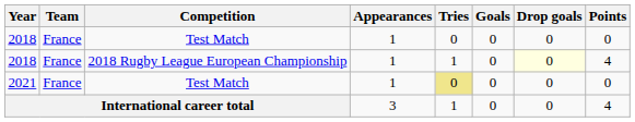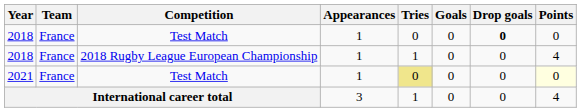 <table class=wikitable style="text-align: center;">
 <tr>
 <th>Year</th>
 <th>Team</th>
 <th>Competition</th>
 <th>Appearances</th>
 <th>Tries</th>
 <th>Goals</th>
 <th>Drop goals</th>
 <th>Points</th>
 </tr>
 <tr>
 <td><a href='#'>2018</a></td>
 <td><a href='#'>France</a></td>
 <td><a href='#'>Test Match</a></td>
 <td>1</td>
 <td>0</td>
 <td>0</td>
-<td>0</td>
+<td><strong>0</strong></td>
 <td>0</td>
 </tr>
 <tr>
 <td><a href='#'>2018</a></td>
 <td><a href='#'>France</a></td>
 <td><a href='#'>2018 Rugby League European Championship</a></td>
 <td>1</td>
 <td>1</td>
 <td>0</td>
-<td style="background: lightyellow;">0</td>
+<td>0</td>
 <td>4</td>
 </tr>
 <tr>
 <td><a href='#'>2021</a></td>
 <td><a href='#'>France</a></td>
 <td><a href='#'>Test Match</a></td>
 <td>1</td>
 <td style="background: khaki;">0</td>
 <td>0</td>
 <td>0</td>
-<td>0</td>
+<td style="background: lightyellow;">0</td>
 </tr>
 <tr>
 <th colspan=3>International career total</th>
 <td>3</td>
 <td>1</td>
 <td>0</td>
 <td>0</td>
 <td>4</td>
 </tr>
 </table>
